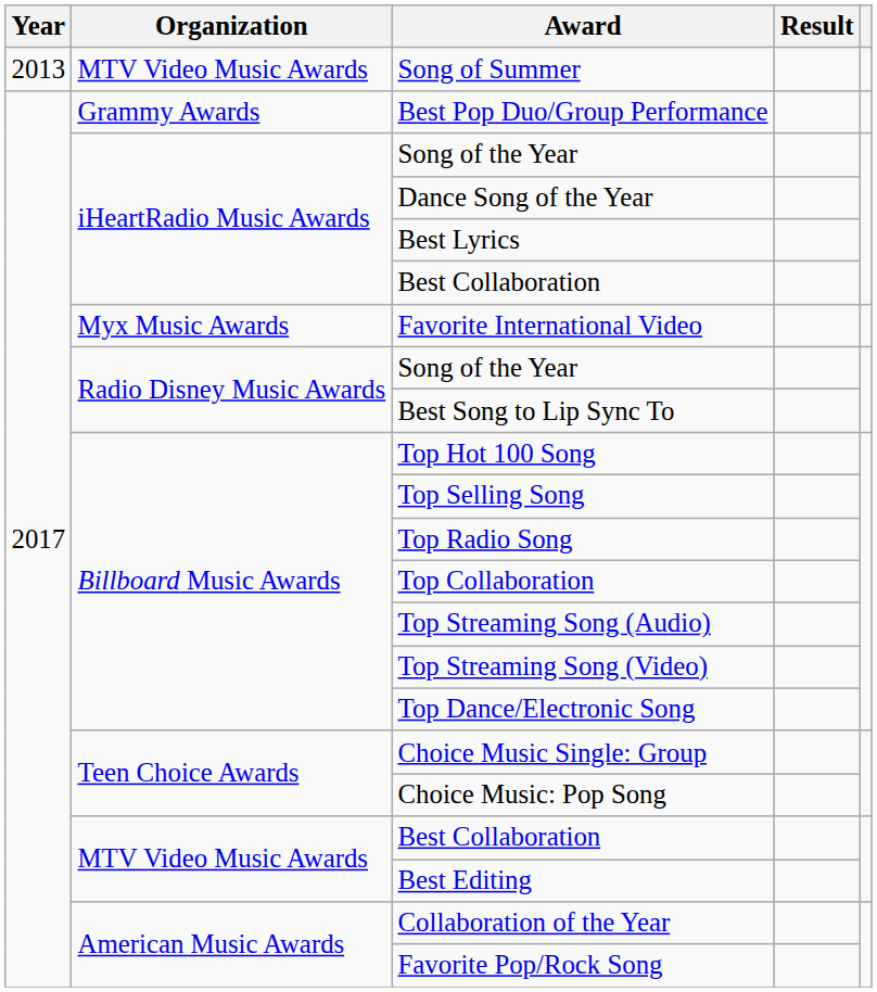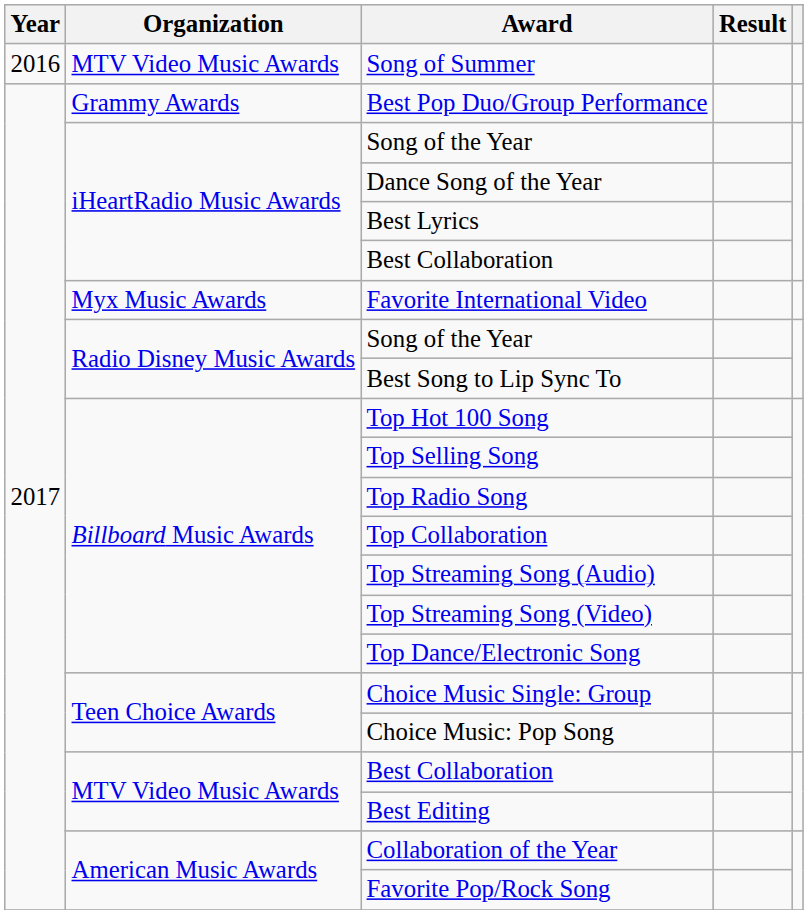 <table class="wikitable">
 <tr>
 <th>Year</th>
 <th>Organization</th>
 <th>Award</th>
 <th>Result</th>
 <th></th>
 </tr>
 <tr>
-<td>2013</td>
+<td>2016</td>
 <td><a href='#'>MTV Video Music Awards</a></td>
 <td><a href='#'>Song of Summer</a></td>
 <td></td>
 <td style="text-align:center;"></td>
 </tr>
 <tr>
 <td rowspan="21">2017</td>
 <td><a href='#'>Grammy Awards</a></td>
 <td><a href='#'>Best Pop Duo/Group Performance</a></td>
 <td></td>
 <td style="text-align:center;"></td>
 </tr>
 <tr>
 <td rowspan="4"><a href='#'>iHeartRadio Music Awards</a></td>
 <td>Song of the Year</td>
 <td></td>
 <td rowspan="4" style="text-align:center;"></td>
 </tr>
 <tr>
 <td>Dance Song of the Year</td>
 <td></td>
 </tr>
 <tr>
 <td>Best Lyrics</td>
 <td></td>
 </tr>
 <tr>
 <td>Best Collaboration</td>
 <td></td>
 </tr>
 <tr>
 <td><a href='#'>Myx Music Awards</a></td>
 <td><a href='#'>Favorite International Video</a></td>
 <td></td>
 <td style="text-align:center;"></td>
 </tr>
 <tr>
 <td rowspan="2"><a href='#'>Radio Disney Music Awards</a></td>
 <td>Song of the Year</td>
 <td></td>
 <td rowspan="2" style="text-align:center;"></td>
 </tr>
 <tr>
 <td>Best Song to Lip Sync To</td>
 <td></td>
 </tr>
 <tr>
 <td rowspan="7"><a href='#'><em>Billboard</em> Music Awards</a></td>
 <td><a href='#'>Top Hot 100 Song</a></td>
 <td></td>
 <td rowspan="7" style="text-align:center;"></td>
 </tr>
 <tr>
 <td><a href='#'>Top Selling Song</a></td>
 <td></td>
 </tr>
 <tr>
 <td><a href='#'>Top Radio Song</a></td>
 <td></td>
 </tr>
 <tr>
 <td><a href='#'>Top Collaboration</a></td>
 <td></td>
 </tr>
 <tr>
 <td><a href='#'>Top Streaming Song (Audio)</a></td>
 <td></td>
 </tr>
 <tr>
 <td><a href='#'>Top Streaming Song (Video)</a></td>
 <td></td>
 </tr>
 <tr>
 <td><a href='#'>Top Dance/Electronic Song</a></td>
 <td></td>
 </tr>
 <tr>
 <td rowspan="2"><a href='#'>Teen Choice Awards</a></td>
 <td><a href='#'>Choice Music Single: Group</a></td>
 <td></td>
 <td rowspan="2" style="text-align:center;"></td>
 </tr>
 <tr>
 <td>Choice Music: Pop Song</td>
 <td></td>
 </tr>
 <tr>
 <td rowspan="2"><a href='#'>MTV Video Music Awards</a></td>
 <td><a href='#'>Best Collaboration</a></td>
 <td></td>
 <td rowspan="2" style="text-align:center;"></td>
 </tr>
 <tr>
 <td><a href='#'>Best Editing</a></td>
 <td></td>
 </tr>
 <tr>
 <td rowspan="2"><a href='#'>American Music Awards</a></td>
 <td><a href='#'>Collaboration of the Year</a></td>
 <td></td>
 <td rowspan="2" style="text-align:center;"></td>
 </tr>
 <tr>
 <td><a href='#'>Favorite Pop/Rock Song</a></td>
 <td></td>
 </tr>
 </table>
